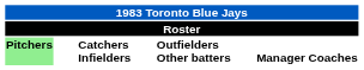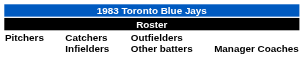 <table class="toccolours" style="font-size: 95%;">
 <tr>
 <th colspan="10" style="background-color: #005ac0; color: #FFFFFF; text-align: center;">1983 Toronto Blue Jays</th>
 </tr>
 <tr>
 <td colspan="10" style="background-color: black; color: white; text-align: center;"><strong>Roster</strong></td>
 </tr>
 <tr>
-<td valign="top" style="background: lightgreen;"><strong>Pitchers</strong><br>             </td>
+<td valign="top"><strong>Pitchers</strong><br>             </td>
 <td width="25px"></td>
 <td valign="top"><strong>Catchers</strong><br>   <strong>Infielders</strong>       </td>
 <td width="25px"></td>
 <td valign="top"><strong>Outfielders</strong><br>       <strong>Other batters</strong>  </td>
 <td width="25px"></td>
 <td valign="top"><br><strong>Manager</strong>  <strong>Coaches</strong>    </td>
 </tr>
 </table>
